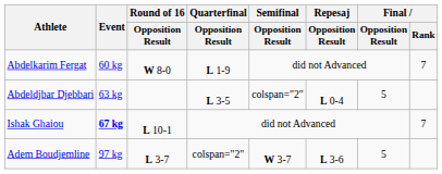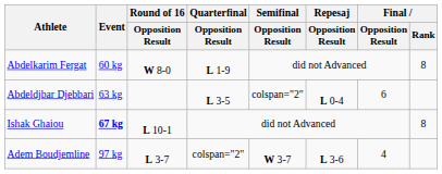 <table class=wikitable style=font-size:90%;text-align:center>
 <tr>
 <th rowspan=2>Athlete</th>
 <th rowspan=2>Event</th>
 <th>Round of 16</th>
 <th>Quarterfinal</th>
 <th>Semifinal</th>
 <th>Repesaj</th>
 <th colspan=2>Final / </th>
 </tr>
 <tr style=font-size:95%>
 <th>Opposition<br>Result</th>
 <th>Opposition<br>Result</th>
 <th>Opposition<br>Result</th>
 <th>Opposition<br>Result</th>
 <th>Opposition<br>Result</th>
 <th>Rank</th>
 </tr>
 <tr>
 <td align=left><a href='#'>Abdelkarim Fergat</a></td>
 <td align=left><a href='#'>60 kg</a></td>
 <td><br><strong>W</strong> 8-0</td>
 <td><br><strong>L</strong> 1-9</td>
 <td colspan=3>did not Advanced</td>
-<td>7</td>
+<td>8</td>
 </tr>
 <tr>
 <td align=left><a href='#'>Abdeldjbar Djebbari</a></td>
 <td align=left><a href='#'>63 kg</a></td>
 <td></td>
 <td><br><strong>L</strong> 3-5</td>
 <td>colspan="2" </td>
 <td><br><strong>L</strong> 0-4</td>
-<td>5</td>
+<td>6</td>
 </tr>
 <tr>
 <td align=left><a href='#'>Ishak Ghaiou</a></td>
 <td align=left><strong><a href='#'>67 kg</a></strong></td>
 <td><br><strong>L</strong> 10-1</td>
 <td colspan=4>did not Advanced</td>
-<td>7</td>
+<td>8</td>
 </tr>
 <tr>
 <td align=left><a href='#'>Adem Boudjemline</a></td>
 <td align=left><a href='#'>97 kg</a></td>
 <td><br><strong>L</strong> 3-7</td>
 <td>colspan="2" </td>
 <td><br><strong>W</strong> 3-7</td>
 <td><br><strong>L</strong> 3-6</td>
-<td>5</td>
+<td>4</td>
 </tr>
 </table>
